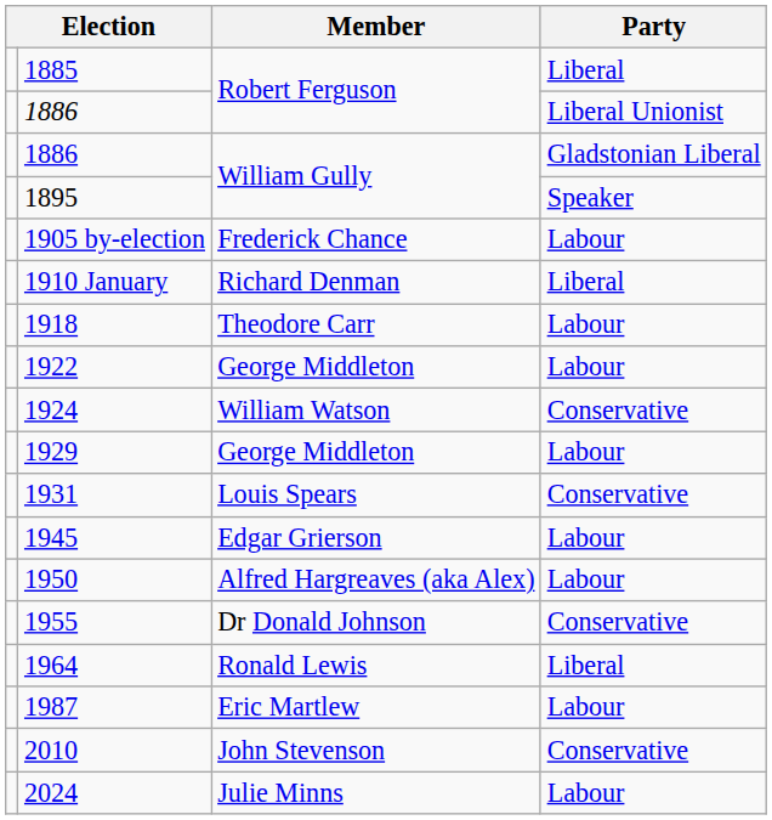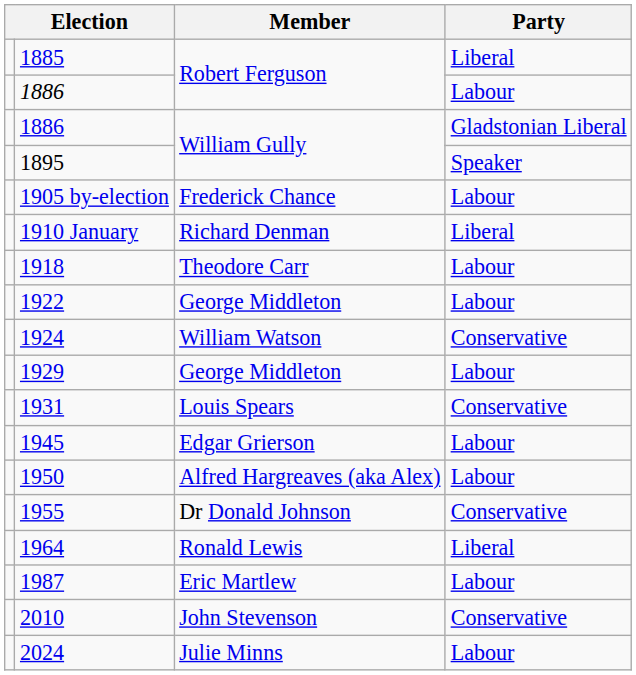 <table class="wikitable">
 <tr>
 <th colspan="2">Election</th>
 <th>Member</th>
 <th>Party</th>
 </tr>
 <tr>
 <td style="color:inherit;background-color: "></td>
 <td><a href='#'>1885</a></td>
 <td rowspan="2"><a href='#'>Robert Ferguson</a></td>
 <td><a href='#'>Liberal</a></td>
 </tr>
 <tr>
 <td style="color:inherit;background-color: "></td>
 <td><em>1886</em></td>
-<td><a href='#'>Liberal Unionist</a></td>
+<td><a href='#'>Labour</a></td>
 </tr>
 <tr>
 <td style="color:inherit;background-color: "></td>
 <td><a href='#'>1886</a></td>
 <td rowspan="2"><a href='#'>William Gully</a></td>
 <td><a href='#'>Gladstonian Liberal</a></td>
 </tr>
 <tr>
 <td style="color:inherit;background-color: "></td>
 <td>1895</td>
 <td><a href='#'>Speaker</a></td>
 </tr>
 <tr>
 <td style="color:inherit;background-color: "></td>
 <td><a href='#'>1905 by-election</a></td>
 <td><a href='#'>Frederick Chance</a></td>
 <td><a href='#'>Labour</a></td>
 </tr>
 <tr>
 <td style="color:inherit;background-color: "></td>
 <td><a href='#'>1910 January</a></td>
 <td><a href='#'>Richard Denman</a></td>
 <td><a href='#'>Liberal</a></td>
 </tr>
 <tr>
 <td style="color:inherit;background-color: "></td>
 <td><a href='#'>1918</a></td>
 <td><a href='#'>Theodore Carr</a></td>
 <td><a href='#'>Labour</a></td>
 </tr>
 <tr>
 <td style="color:inherit;background-color: "></td>
 <td><a href='#'>1922</a></td>
 <td><a href='#'>George Middleton</a></td>
 <td><a href='#'>Labour</a></td>
 </tr>
 <tr>
 <td style="color:inherit;background-color: "></td>
 <td><a href='#'>1924</a></td>
 <td><a href='#'>William Watson</a></td>
 <td><a href='#'>Conservative</a></td>
 </tr>
 <tr>
 <td style="color:inherit;background-color: "></td>
 <td><a href='#'>1929</a></td>
 <td><a href='#'>George Middleton</a></td>
 <td><a href='#'>Labour</a></td>
 </tr>
 <tr>
 <td style="color:inherit;background-color: "></td>
 <td><a href='#'>1931</a></td>
 <td><a href='#'>Louis Spears</a></td>
 <td><a href='#'>Conservative</a></td>
 </tr>
 <tr>
 <td style="color:inherit;background-color: "></td>
 <td><a href='#'>1945</a></td>
 <td><a href='#'>Edgar Grierson</a></td>
 <td><a href='#'>Labour</a></td>
 </tr>
 <tr>
 <td style="color:inherit;background-color: "></td>
 <td><a href='#'>1950</a></td>
 <td><a href='#'>Alfred Hargreaves (aka Alex)</a></td>
 <td><a href='#'>Labour</a></td>
 </tr>
 <tr>
 <td style="color:inherit;background-color: "></td>
 <td><a href='#'>1955</a></td>
 <td>Dr <a href='#'>Donald Johnson</a></td>
 <td><a href='#'>Conservative</a></td>
 </tr>
 <tr>
 <td style="color:inherit;background-color: "></td>
 <td><a href='#'>1964</a></td>
 <td><a href='#'>Ronald Lewis</a></td>
 <td><a href='#'>Liberal</a></td>
 </tr>
 <tr>
 <td style="color:inherit;background-color: "></td>
 <td><a href='#'>1987</a></td>
 <td><a href='#'>Eric Martlew</a></td>
 <td><a href='#'>Labour</a></td>
 </tr>
 <tr>
 <td style="color:inherit;background-color: "></td>
 <td><a href='#'>2010</a></td>
 <td><a href='#'>John Stevenson</a></td>
 <td><a href='#'>Conservative</a></td>
 </tr>
 <tr>
 <td style="color:inherit;background-color: "></td>
 <td><a href='#'>2024</a></td>
 <td><a href='#'>Julie Minns</a></td>
 <td><a href='#'>Labour</a></td>
 </tr>
 </table>
